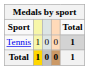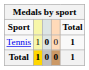 <table class="wikitable" style="font-size:85%">
 <tr style="background:#efefef;">
 <th colspan=7>Medals by sport</th>
 </tr>
 <tr align=center>
 <td><strong>Sport</strong></td>
 <td bgcolor=#f7f6a8></td>
 <td bgcolor=#dce5e5></td>
 <td bgcolor=#ffdab9></td>
 <td><strong>Total</strong></td>
 </tr>
 <tr align=center>
 <td><a href='#'>Tennis</a></td>
 <td style="background:#F7F6A8;">1</td>
-<td style="background:#DCE5E5;">0</td>
+<td style="background:#DCE5E5;"><strong>0</strong></td>
 <td style="background:#FFDAB9;">0</td>
-<td style="background: lightgrey;"><strong>1</strong></td>
+<td><strong>1</strong></td>
 </tr>
 <tr align=center>
 <th>Total</th>
 <th style="background:gold;">1</th>
 <th style="background:silver;">0</th>
 <th style="background:#c96;">0</th>
 <th>1</th>
 </tr>
 </table>
